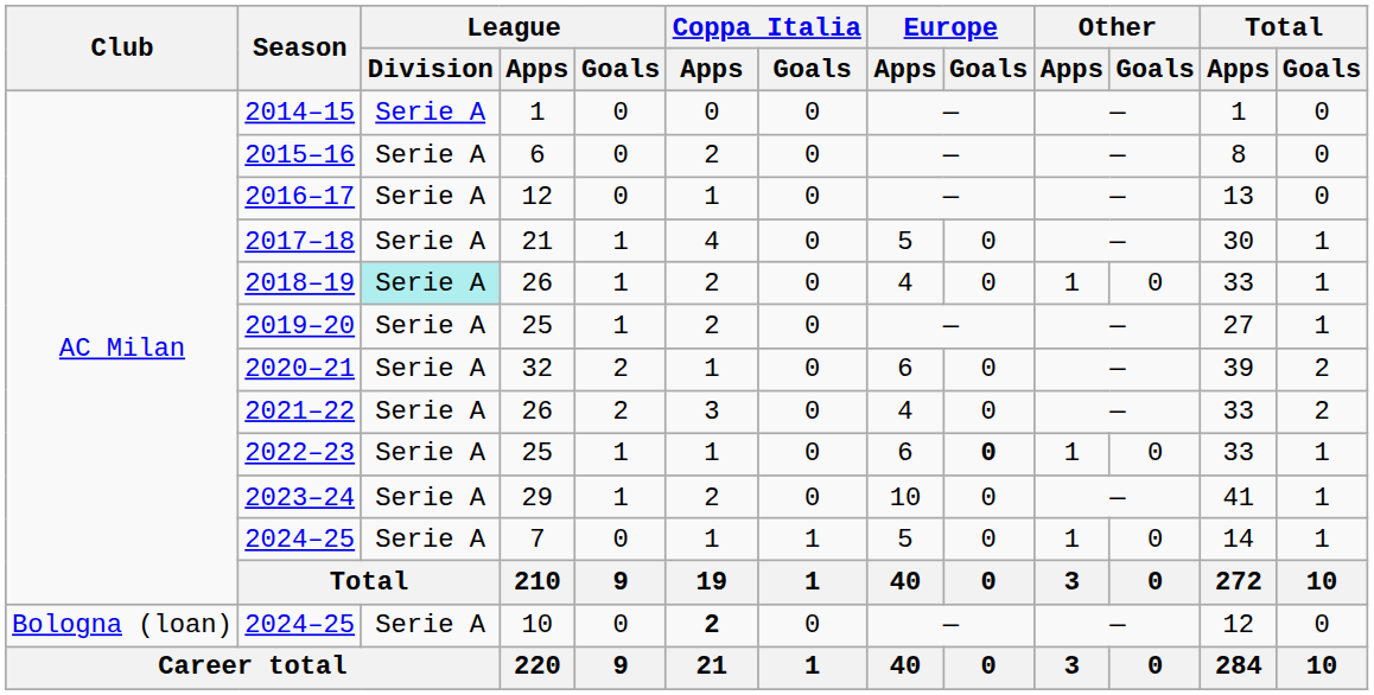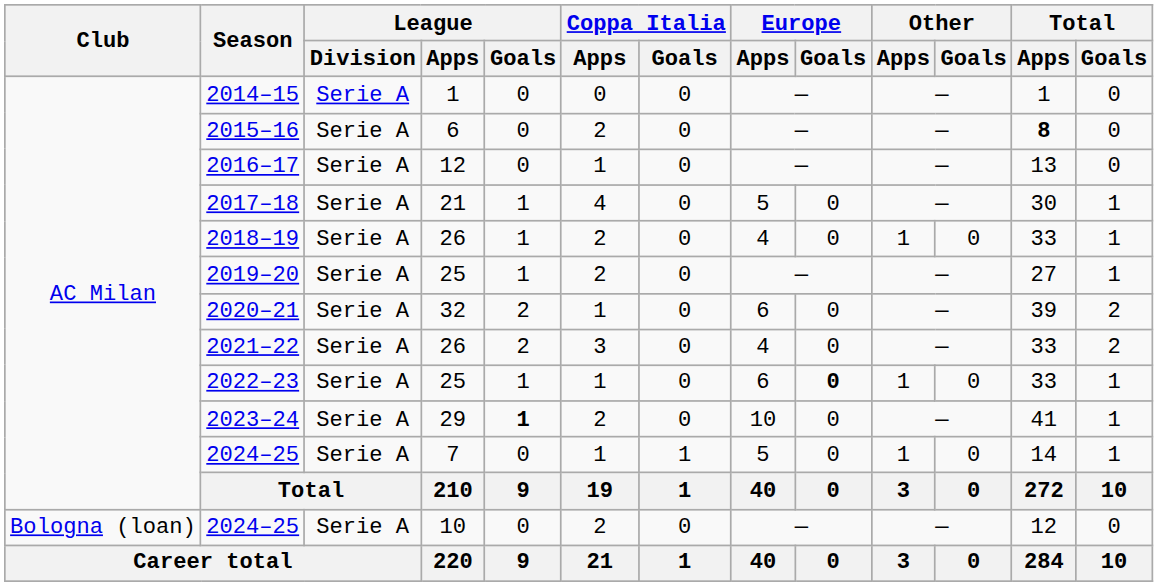 <table class="wikitable" style="text-align:center">
 <tr>
 <th rowspan="2">Club</th>
 <th rowspan="2">Season</th>
 <th colspan="3">League</th>
 <th colspan="2"><a href='#'>Coppa Italia</a></th>
 <th colspan="2"><a href='#'>Europe</a></th>
 <th colspan="2">Other</th>
 <th colspan="2">Total</th>
 </tr>
 <tr>
 <th>Division</th>
 <th>Apps</th>
 <th>Goals</th>
 <th>Apps</th>
 <th>Goals</th>
 <th>Apps</th>
 <th>Goals</th>
 <th>Apps</th>
 <th>Goals</th>
 <th>Apps</th>
 <th>Goals</th>
 </tr>
 <tr>
 <td rowspan="12"><a href='#'>AC Milan</a></td>
 <td><a href='#'>2014–15</a></td>
 <td><a href='#'>Serie A</a></td>
 <td>1</td>
 <td>0</td>
 <td>0</td>
 <td>0</td>
 <td colspan="2">—</td>
 <td colspan="2">—</td>
 <td>1</td>
 <td>0</td>
 </tr>
 <tr>
 <td><a href='#'>2015–16</a></td>
 <td>Serie A</td>
 <td>6</td>
 <td>0</td>
 <td>2</td>
 <td>0</td>
 <td colspan="2">—</td>
 <td colspan="2">—</td>
-<td>8</td>
+<td><strong>8</strong></td>
 <td>0</td>
 </tr>
 <tr>
 <td><a href='#'>2016–17</a></td>
 <td>Serie A</td>
 <td>12</td>
 <td>0</td>
 <td>1</td>
 <td>0</td>
 <td colspan="2">—</td>
 <td colspan="2">—</td>
 <td>13</td>
 <td>0</td>
 </tr>
 <tr>
 <td><a href='#'>2017–18</a></td>
 <td>Serie A</td>
 <td>21</td>
 <td>1</td>
 <td>4</td>
 <td>0</td>
 <td>5</td>
 <td>0</td>
 <td colspan="2">—</td>
 <td>30</td>
 <td>1</td>
 </tr>
 <tr>
 <td><a href='#'>2018–19</a></td>
-<td style="background: paleturquoise;">Serie A</td>
+<td>Serie A</td>
 <td>26</td>
 <td>1</td>
 <td>2</td>
 <td>0</td>
 <td>4</td>
 <td>0</td>
 <td>1</td>
 <td>0</td>
 <td>33</td>
 <td>1</td>
 </tr>
 <tr>
 <td><a href='#'>2019–20</a></td>
 <td>Serie A</td>
 <td>25</td>
 <td>1</td>
 <td>2</td>
 <td>0</td>
 <td colspan="2">—</td>
 <td colspan="2">—</td>
 <td>27</td>
 <td>1</td>
 </tr>
 <tr>
 <td><a href='#'>2020–21</a></td>
 <td>Serie A</td>
 <td>32</td>
 <td>2</td>
 <td>1</td>
 <td>0</td>
 <td>6</td>
 <td>0</td>
 <td colspan="2">—</td>
 <td>39</td>
 <td>2</td>
 </tr>
 <tr>
 <td><a href='#'>2021–22</a></td>
 <td>Serie A</td>
 <td>26</td>
 <td>2</td>
 <td>3</td>
 <td>0</td>
 <td>4</td>
 <td>0</td>
 <td colspan="2">—</td>
 <td>33</td>
 <td>2</td>
 </tr>
 <tr>
 <td><a href='#'>2022–23</a></td>
 <td>Serie A</td>
 <td>25</td>
 <td>1</td>
 <td>1</td>
 <td>0</td>
 <td>6</td>
 <td><strong>0</strong></td>
 <td>1</td>
 <td>0</td>
 <td>33</td>
 <td>1</td>
 </tr>
 <tr>
 <td><a href='#'>2023–24</a></td>
 <td>Serie A</td>
 <td>29</td>
-<td>1</td>
+<td><strong>1</strong></td>
 <td>2</td>
 <td>0</td>
 <td>10</td>
 <td>0</td>
 <td colspan="2">—</td>
 <td>41</td>
 <td>1</td>
 </tr>
 <tr>
 <td><a href='#'>2024–25</a></td>
 <td>Serie A</td>
 <td>7</td>
 <td>0</td>
 <td>1</td>
 <td>1</td>
 <td>5</td>
 <td>0</td>
 <td>1</td>
 <td>0</td>
 <td>14</td>
 <td>1</td>
 </tr>
 <tr>
 <th colspan="2">Total</th>
 <th>210</th>
 <th>9</th>
 <th>19</th>
 <th>1</th>
 <th>40</th>
 <th>0</th>
 <th>3</th>
 <th>0</th>
 <th>272</th>
 <th>10</th>
 </tr>
 <tr>
 <td><a href='#'>Bologna</a> (loan)</td>
 <td><a href='#'>2024–25</a></td>
 <td>Serie A</td>
 <td>10</td>
 <td>0</td>
-<td><strong>2</strong></td>
+<td>2</td>
 <td>0</td>
 <td colspan="2">—</td>
 <td colspan="2">—</td>
 <td>12</td>
 <td>0</td>
 </tr>
 <tr>
 <th colspan="3">Career total</th>
 <th>220</th>
 <th>9</th>
 <th>21</th>
 <th>1</th>
 <th>40</th>
 <th>0</th>
 <th>3</th>
 <th>0</th>
 <th>284</th>
 <th>10</th>
 </tr>
 </table>
